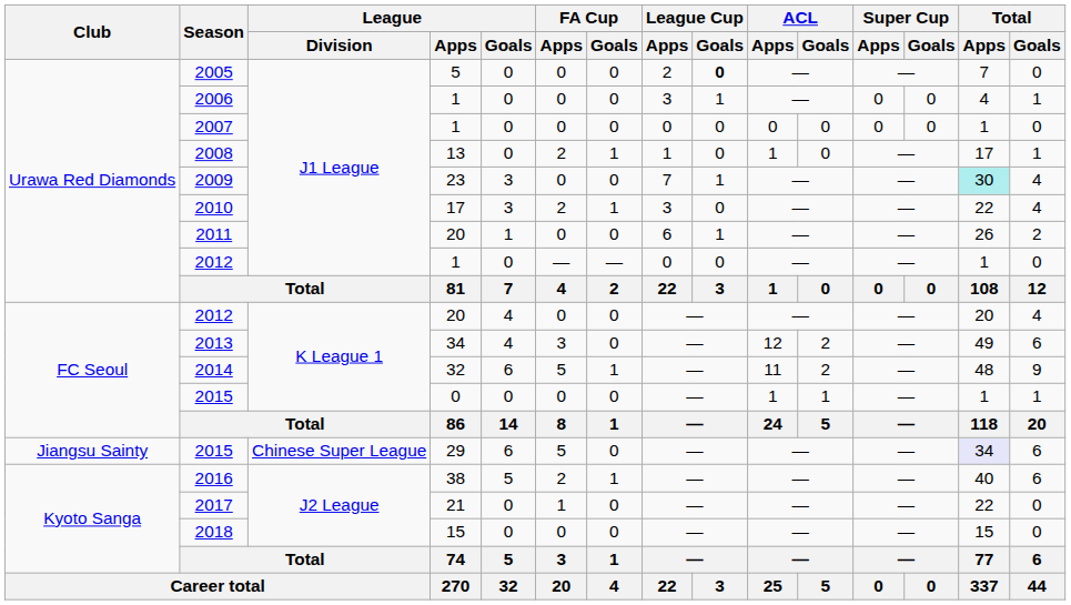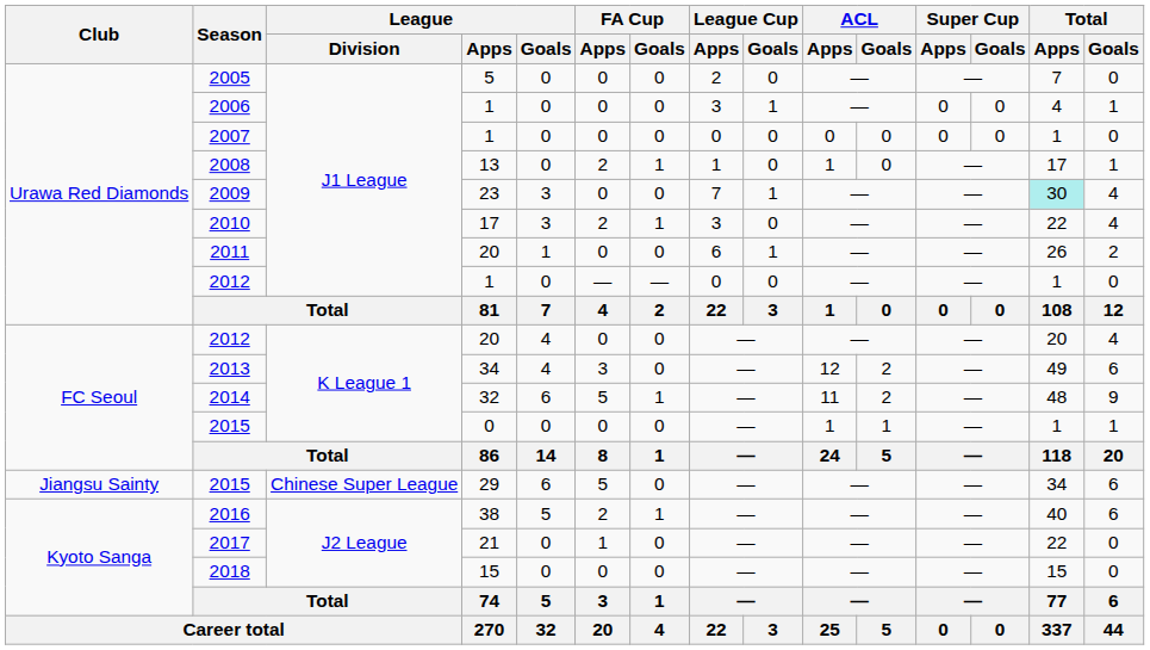 <table class="wikitable" style="text-align:center">
 <tr>
 <th rowspan="2">Club</th>
 <th rowspan="2">Season</th>
 <th colspan="3">League</th>
 <th colspan="2">FA Cup</th>
 <th colspan="2">League Cup</th>
 <th colspan="2"><a href='#'>ACL</a></th>
 <th colspan="2">Super Cup</th>
 <th colspan="2">Total</th>
 </tr>
 <tr>
 <th>Division</th>
 <th>Apps</th>
 <th>Goals</th>
 <th>Apps</th>
 <th>Goals</th>
 <th>Apps</th>
 <th>Goals</th>
 <th>Apps</th>
 <th>Goals</th>
 <th>Apps</th>
 <th>Goals</th>
 <th>Apps</th>
 <th>Goals</th>
 </tr>
 <tr>
 <td rowspan="9"><a href='#'>Urawa Red Diamonds</a></td>
 <td><a href='#'>2005</a></td>
 <td rowspan="8"><a href='#'>J1 League</a></td>
 <td>5</td>
 <td>0</td>
 <td>0</td>
 <td>0</td>
 <td>2</td>
-<td><strong>0</strong></td>
+<td>0</td>
 <td colspan="2">—</td>
 <td colspan="2">—</td>
 <td>7</td>
 <td>0</td>
 </tr>
 <tr>
 <td><a href='#'>2006</a></td>
 <td>1</td>
 <td>0</td>
 <td>0</td>
 <td>0</td>
 <td>3</td>
 <td>1</td>
 <td colspan="2">—</td>
 <td>0</td>
 <td>0</td>
 <td>4</td>
 <td>1</td>
 </tr>
 <tr>
 <td><a href='#'>2007</a></td>
 <td>1</td>
 <td>0</td>
 <td>0</td>
 <td>0</td>
 <td>0</td>
 <td>0</td>
 <td>0</td>
 <td>0</td>
 <td>0</td>
 <td>0</td>
 <td>1</td>
 <td>0</td>
 </tr>
 <tr>
 <td><a href='#'>2008</a></td>
 <td>13</td>
 <td>0</td>
 <td>2</td>
 <td>1</td>
 <td>1</td>
 <td>0</td>
 <td>1</td>
 <td>0</td>
 <td colspan="2">—</td>
 <td>17</td>
 <td>1</td>
 </tr>
 <tr>
 <td><a href='#'>2009</a></td>
 <td>23</td>
 <td>3</td>
 <td>0</td>
 <td>0</td>
 <td>7</td>
 <td>1</td>
 <td colspan="2">—</td>
 <td colspan="2">—</td>
 <td style="background: paleturquoise;">30</td>
 <td>4</td>
 </tr>
 <tr>
 <td><a href='#'>2010</a></td>
 <td>17</td>
 <td>3</td>
 <td>2</td>
 <td>1</td>
 <td>3</td>
 <td>0</td>
 <td colspan="2">—</td>
 <td colspan="2">—</td>
 <td>22</td>
 <td>4</td>
 </tr>
 <tr>
 <td><a href='#'>2011</a></td>
 <td>20</td>
 <td>1</td>
 <td>0</td>
 <td>0</td>
 <td>6</td>
 <td>1</td>
 <td colspan="2">—</td>
 <td colspan="2">—</td>
 <td>26</td>
 <td>2</td>
 </tr>
 <tr>
 <td><a href='#'>2012</a></td>
 <td>1</td>
 <td>0</td>
 <td>—</td>
 <td>—</td>
 <td>0</td>
 <td>0</td>
 <td colspan="2">—</td>
 <td colspan="2">—</td>
 <td>1</td>
 <td>0</td>
 </tr>
 <tr>
 <th colspan="2">Total</th>
 <th>81</th>
 <th>7</th>
 <th>4</th>
 <th>2</th>
 <th>22</th>
 <th>3</th>
 <th>1</th>
 <th>0</th>
 <th>0</th>
 <th>0</th>
 <th>108</th>
 <th>12</th>
 </tr>
 <tr>
 <td rowspan="5"><a href='#'>FC Seoul</a></td>
 <td><a href='#'>2012</a></td>
 <td rowspan="4"><a href='#'>K League 1</a></td>
 <td>20</td>
 <td>4</td>
 <td>0</td>
 <td>0</td>
 <td colspan="2">—</td>
 <td colspan="2">—</td>
 <td colspan="2">—</td>
 <td>20</td>
 <td>4</td>
 </tr>
 <tr>
 <td><a href='#'>2013</a></td>
 <td>34</td>
 <td>4</td>
 <td>3</td>
 <td>0</td>
 <td colspan="2">—</td>
 <td>12</td>
 <td>2</td>
 <td colspan="2">—</td>
 <td>49</td>
 <td>6</td>
 </tr>
 <tr>
 <td><a href='#'>2014</a></td>
 <td>32</td>
 <td>6</td>
 <td>5</td>
 <td>1</td>
 <td colspan="2">—</td>
 <td>11</td>
 <td>2</td>
 <td colspan="2">—</td>
 <td>48</td>
 <td>9</td>
 </tr>
 <tr>
 <td><a href='#'>2015</a></td>
 <td>0</td>
 <td>0</td>
 <td>0</td>
 <td>0</td>
 <td colspan="2">—</td>
 <td>1</td>
 <td>1</td>
 <td colspan="2">—</td>
 <td>1</td>
 <td>1</td>
 </tr>
 <tr>
 <th colspan="2">Total</th>
 <th>86</th>
 <th>14</th>
 <th>8</th>
 <th>1</th>
 <th colspan="2">—</th>
 <th>24</th>
 <th>5</th>
 <th colspan="2">—</th>
 <th>118</th>
 <th>20</th>
 </tr>
 <tr>
 <td><a href='#'>Jiangsu Sainty</a></td>
 <td><a href='#'>2015</a></td>
 <td><a href='#'>Chinese Super League</a></td>
 <td>29</td>
 <td>6</td>
 <td>5</td>
 <td>0</td>
 <td colspan="2">—</td>
 <td colspan="2">—</td>
 <td colspan="2">—</td>
-<td style="background: lavender;">34</td>
+<td>34</td>
 <td>6</td>
 </tr>
 <tr>
 <td rowspan="4"><a href='#'>Kyoto Sanga</a></td>
 <td><a href='#'>2016</a></td>
 <td rowspan="3"><a href='#'>J2 League</a></td>
 <td>38</td>
 <td>5</td>
 <td>2</td>
 <td>1</td>
 <td colspan="2">—</td>
 <td colspan="2">—</td>
 <td colspan="2">—</td>
 <td>40</td>
 <td>6</td>
 </tr>
 <tr>
 <td><a href='#'>2017</a></td>
 <td>21</td>
 <td>0</td>
 <td>1</td>
 <td>0</td>
 <td colspan="2">—</td>
 <td colspan="2">—</td>
 <td colspan="2">—</td>
 <td>22</td>
 <td>0</td>
 </tr>
 <tr>
 <td><a href='#'>2018</a></td>
 <td>15</td>
 <td>0</td>
 <td>0</td>
 <td>0</td>
 <td colspan="2">—</td>
 <td colspan="2">—</td>
 <td colspan="2">—</td>
 <td>15</td>
 <td>0</td>
 </tr>
 <tr>
 <th colspan="2">Total</th>
 <th>74</th>
 <th>5</th>
 <th>3</th>
 <th>1</th>
 <th colspan="2">—</th>
 <th colspan="2">—</th>
 <th colspan="2">—</th>
 <th>77</th>
 <th>6</th>
 </tr>
 <tr>
 <th colspan="3">Career total</th>
 <th>270</th>
 <th>32</th>
 <th>20</th>
 <th>4</th>
 <th>22</th>
 <th>3</th>
 <th>25</th>
 <th>5</th>
 <th>0</th>
 <th>0</th>
 <th>337</th>
 <th>44</th>
 </tr>
 </table>
